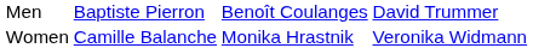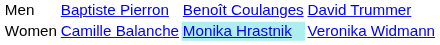 <table>
 <tr>
 <td align="left">Men</td>
 <td> <a href='#'>Baptiste Pierron</a></td>
 <td> <a href='#'>Benoît Coulanges</a></td>
 <td> <a href='#'>David Trummer</a></td>
 </tr>
 <tr>
 <td align="left">Women</td>
 <td> <a href='#'>Camille Balanche</a></td>
-<td> <a href='#'>Monika Hrastnik</a></td>
+<td style="background: paleturquoise;"> <a href='#'>Monika Hrastnik</a></td>
 <td> <a href='#'>Veronika Widmann</a></td>
 </tr>
 </table>
